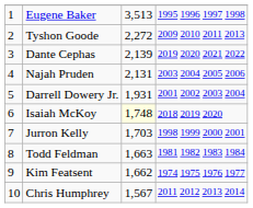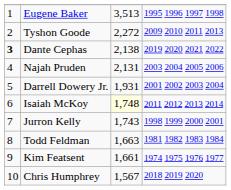 <table class="wikitable" style="display:inline-table;">
 <tr>
 </tr>
 <tr>
 <td>1</td>
 <td><a href='#'>Eugene Baker</a></td>
 <td>3,513</td>
 <td style="font-size:80%;"><a href='#'>1995</a> <a href='#'>1996</a> <a href='#'>1997</a> <a href='#'>1998</a></td>
 </tr>
 <tr>
 <td>2</td>
 <td>Tyshon Goode</td>
 <td>2,272</td>
 <td style="font-size:80%;"><a href='#'>2009</a> <a href='#'>2010</a> <a href='#'>2011</a> <a href='#'>2013</a></td>
 </tr>
 <tr>
-<td>3</td>
+<td><strong>3</strong></td>
 <td>Dante Cephas</td>
-<td>2,139</td>
+<td>2,138</td>
 <td style="font-size:80%;"><a href='#'>2019</a> <a href='#'>2020</a> <a href='#'>2021</a> <a href='#'>2022</a></td>
 </tr>
 <tr>
 <td>4</td>
 <td>Najah Pruden</td>
 <td>2,131</td>
 <td style="font-size:80%;"><a href='#'>2003</a> <a href='#'>2004</a> <a href='#'>2005</a> <a href='#'>2006</a></td>
 </tr>
 <tr>
 <td>5</td>
 <td>Darrell Dowery Jr.</td>
 <td>1,931</td>
 <td style="font-size:80%;"><a href='#'>2001</a> <a href='#'>2002</a> <a href='#'>2003</a> <a href='#'>2004</a></td>
 </tr>
 <tr>
 <td>6</td>
 <td>Isaiah McKoy</td>
 <td style="background: lightyellow;">1,748</td>
-<td style="font-size:80%;"><a href='#'>2018</a> <a href='#'>2019</a> <a href='#'>2020</a></td>
+<td style="font-size:80%;"><a href='#'>2011</a> <a href='#'>2012</a> <a href='#'>2013</a> <a href='#'>2014</a></td>
 </tr>
 <tr>
 <td>7</td>
 <td>Jurron Kelly</td>
-<td>1,703</td>
+<td>1,743</td>
 <td style="font-size:80%;"><a href='#'>1998</a> <a href='#'>1999</a> <a href='#'>2000</a> <a href='#'>2001</a></td>
 </tr>
 <tr>
 <td>8</td>
 <td>Todd Feldman</td>
 <td>1,663</td>
 <td style="font-size:80%;"><a href='#'>1981</a> <a href='#'>1982</a> <a href='#'>1983</a> <a href='#'>1984</a></td>
 </tr>
 <tr>
 <td>9</td>
 <td>Kim Featsent</td>
-<td>1,662</td>
+<td>1,661</td>
 <td style="font-size:80%;"><a href='#'>1974</a> <a href='#'>1975</a> <a href='#'>1976</a> <a href='#'>1977</a></td>
 </tr>
 <tr>
 <td>10</td>
 <td>Chris Humphrey</td>
 <td>1,567</td>
-<td style="font-size:80%;"><a href='#'>2011</a> <a href='#'>2012</a> <a href='#'>2013</a> <a href='#'>2014</a></td>
+<td style="font-size:80%;"><a href='#'>2018</a> <a href='#'>2019</a> <a href='#'>2020</a></td>
 </tr>
 </table>
